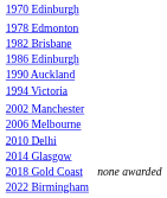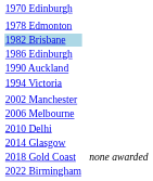 <table>
 <tr>
 <td><a href='#'>1970 Edinburgh</a></td>
 <td></td>
 <td></td>
 <td></td>
 </tr>
 <tr>
 <td></td>
 <td></td>
 <td></td>
 <td></td>
 </tr>
 <tr>
 <td><a href='#'>1978 Edmonton</a></td>
 <td></td>
 <td></td>
 <td></td>
 </tr>
 <tr>
-<td><a href='#'>1982 Brisbane</a></td>
+<td style="background: lightblue;"><a href='#'>1982 Brisbane</a></td>
 <td></td>
 <td></td>
 <td></td>
 </tr>
 <tr>
 <td><a href='#'>1986 Edinburgh</a></td>
 <td></td>
 <td></td>
 <td></td>
 </tr>
 <tr>
 <td><a href='#'>1990 Auckland</a></td>
 <td></td>
 <td></td>
 <td></td>
 </tr>
 <tr>
 <td><a href='#'>1994 Victoria</a></td>
 <td></td>
 <td></td>
 <td></td>
 </tr>
 <tr>
 <td></td>
 <td></td>
 <td></td>
 <td></td>
 </tr>
 <tr>
 <td><a href='#'>2002 Manchester</a><br></td>
 <td></td>
 <td></td>
 <td></td>
 </tr>
 <tr>
 <td><a href='#'>2006 Melbourne</a><br></td>
 <td></td>
 <td></td>
 <td></td>
 </tr>
 <tr>
 <td><a href='#'>2010 Delhi</a><br></td>
 <td></td>
 <td></td>
 <td></td>
 </tr>
 <tr>
 <td><a href='#'>2014 Glasgow</a><br></td>
 <td></td>
 <td></td>
 <td></td>
 </tr>
 <tr>
 <td rowspan=2><a href='#'>2018 Gold Coast</a><br></td>
 <td rowspan=2></td>
 <td></td>
 <td rowspan=2><em>none awarded</em></td>
 </tr>
 <tr>
 <td></td>
 </tr>
 <tr>
 <td><a href='#'>2022 Birmingham</a><br></td>
 <td></td>
 <td></td>
 <td></td>
 </tr>
 </table>
